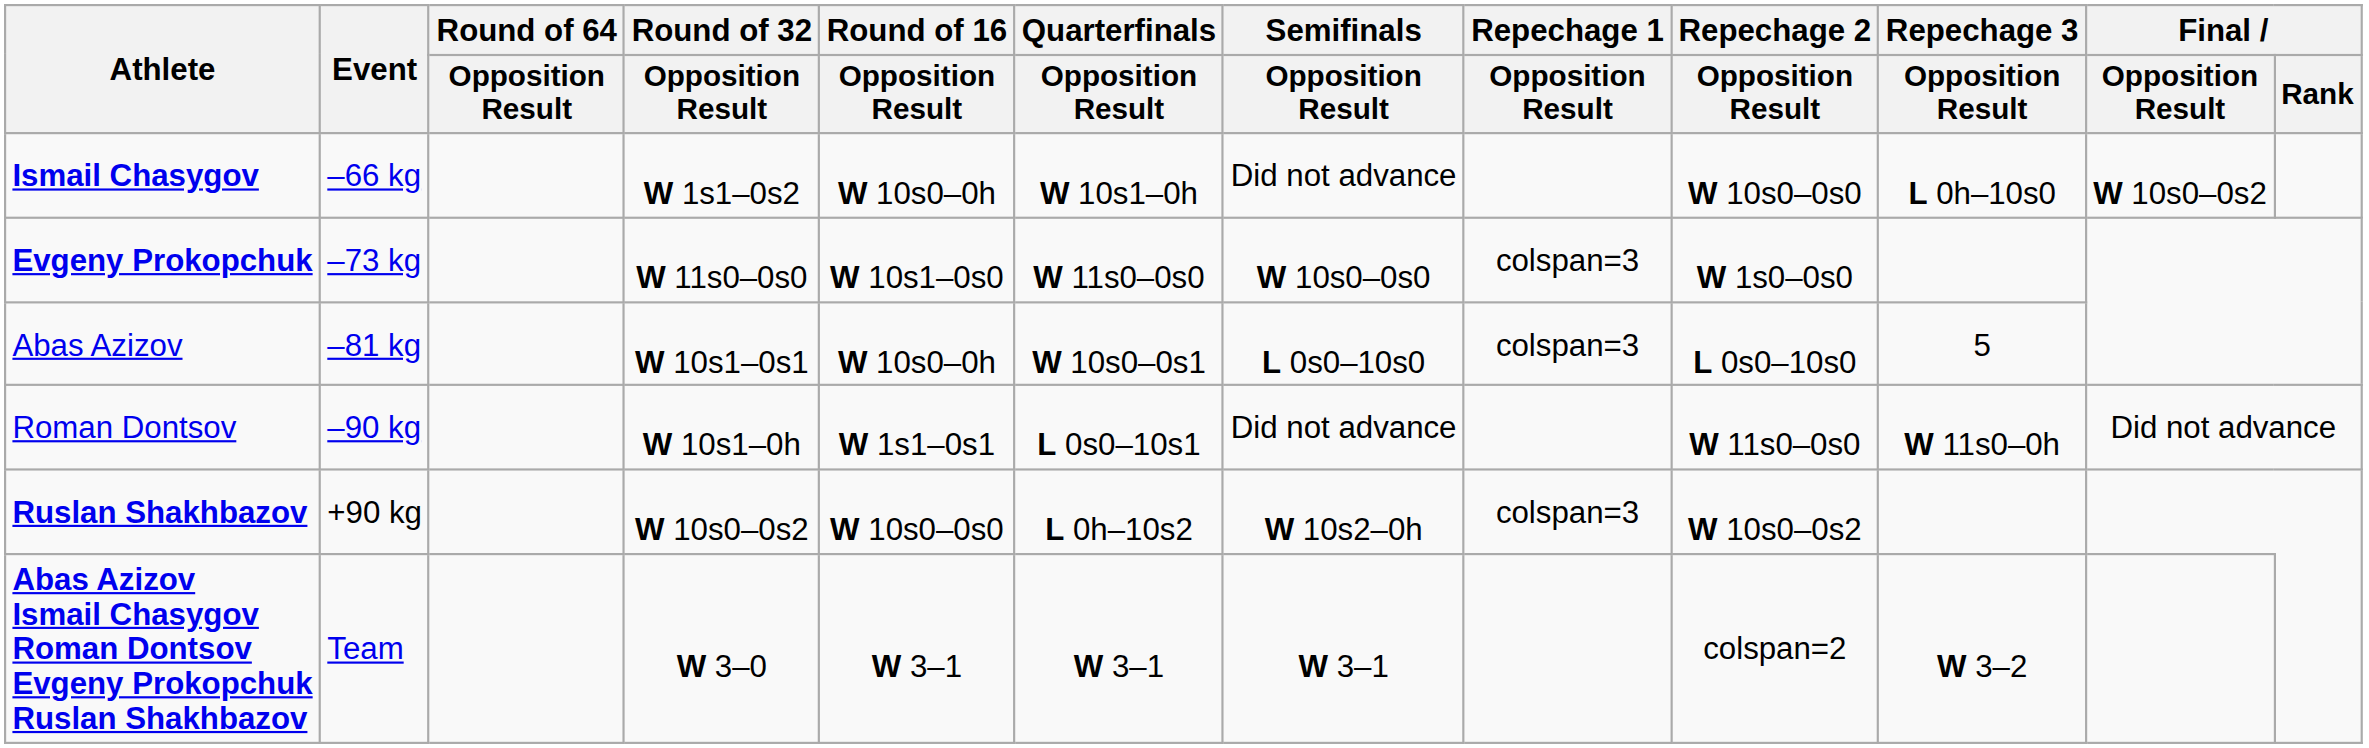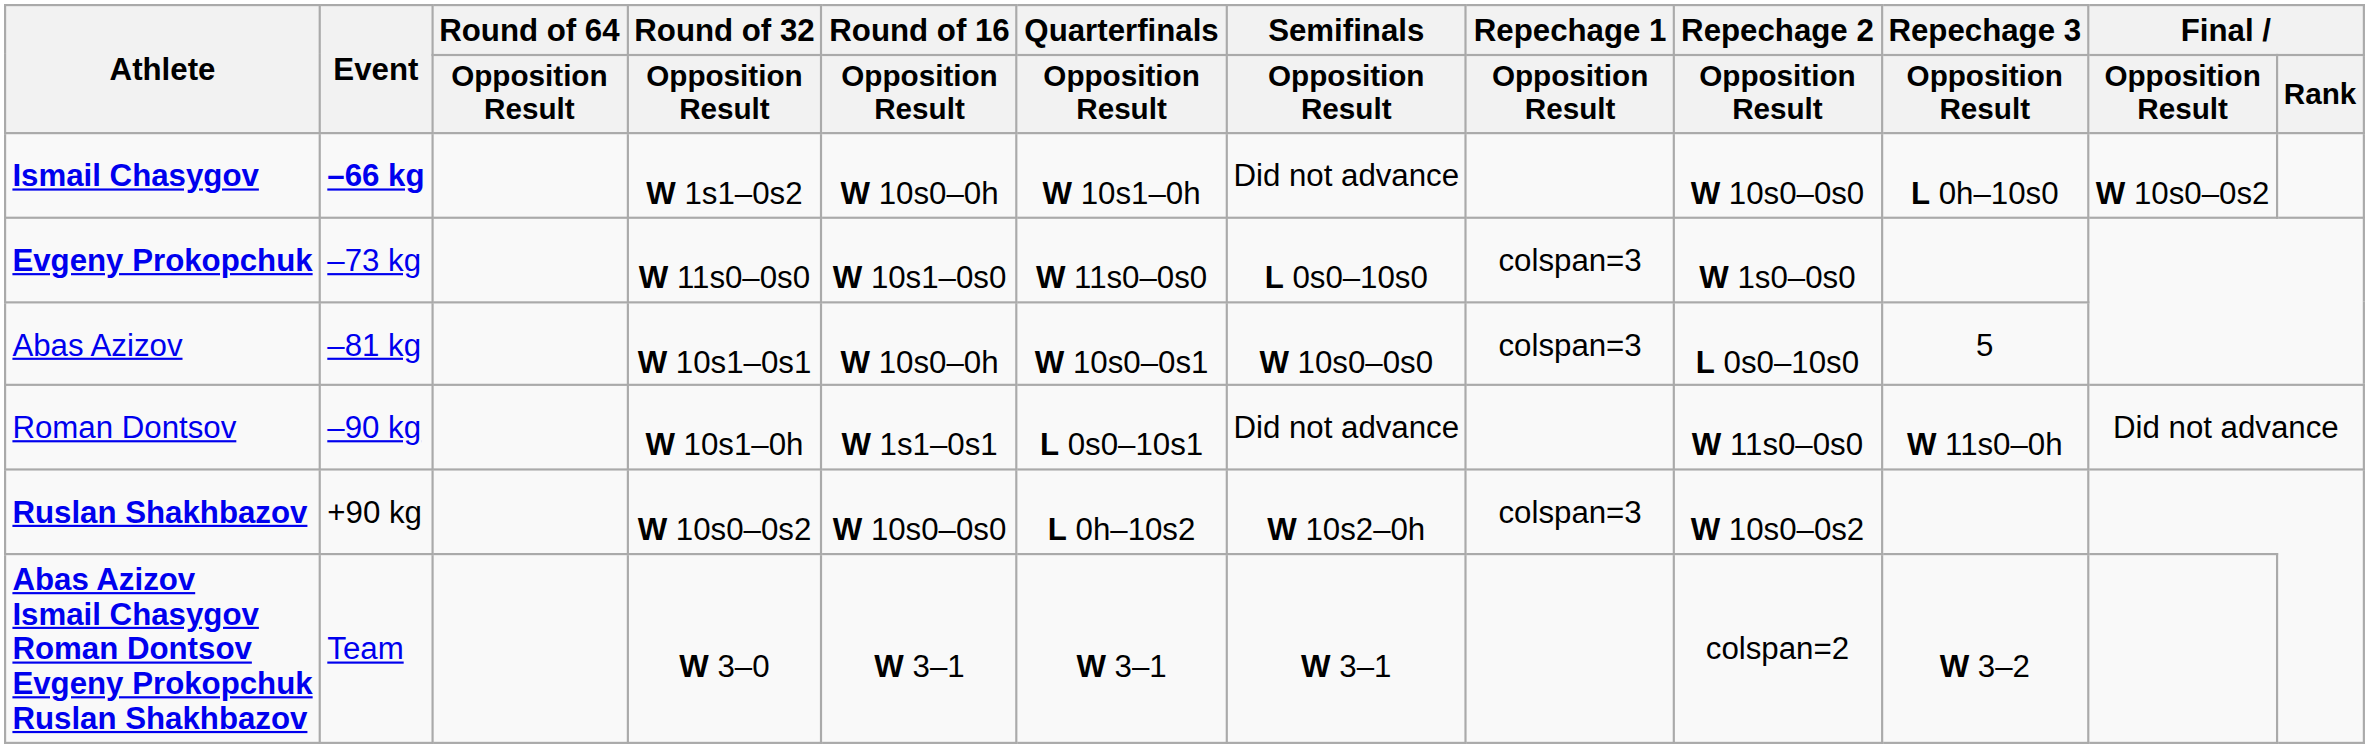 <table class="wikitable" style="text-align:center; font-size:90%">
 <tr>
 <th rowspan=2>Athlete</th>
 <th rowspan=2>Event</th>
 <th>Round of 64</th>
 <th>Round of 32</th>
 <th>Round of 16</th>
 <th>Quarterfinals</th>
 <th>Semifinals</th>
 <th>Repechage 1</th>
 <th>Repechage 2</th>
 <th>Repechage 3</th>
 <th colspan=2>Final / </th>
 </tr>
 <tr style="font-size:95%">
 <th>Opposition<br>Result</th>
 <th>Opposition<br>Result</th>
 <th>Opposition<br>Result</th>
 <th>Opposition<br>Result</th>
 <th>Opposition<br>Result</th>
 <th>Opposition<br>Result</th>
 <th>Opposition<br>Result</th>
 <th>Opposition<br>Result</th>
 <th>Opposition<br>Result</th>
 <th>Rank</th>
 </tr>
 <tr>
 <td align=left><strong><a href='#'>Ismail Chasygov</a></strong></td>
-<td align=left><a href='#'>–66 kg</a></td>
+<td align=left><strong><a href='#'>–66 kg</a></strong></td>
 <td></td>
 <td><br><strong>W</strong> 1s1–0s2</td>
 <td><br><strong>W</strong> 10s0–0h</td>
 <td><br><strong>W</strong> 10s1–0h</td>
 <td>Did not advance</td>
 <td></td>
 <td><br><strong>W</strong> 10s0–0s0</td>
 <td><br><strong>L</strong> 0h–10s0</td>
 <td><br><strong>W</strong> 10s0–0s2</td>
 <td></td>
 </tr>
 <tr>
 <td align=left><strong><a href='#'>Evgeny Prokopchuk</a></strong></td>
 <td align=left><a href='#'>–73 kg</a></td>
 <td></td>
 <td><br><strong>W</strong> 11s0–0s0</td>
 <td><br><strong>W</strong> 10s1–0s0</td>
 <td><br><strong>W</strong> 11s0–0s0</td>
-<td><br><strong>W</strong> 10s0–0s0</td>
+<td><br><strong>L</strong> 0s0–10s0</td>
 <td>colspan=3 </td>
 <td><br><strong>W</strong> 1s0–0s0</td>
 <td></td>
 </tr>
 <tr>
 <td align=left><a href='#'>Abas Azizov</a></td>
 <td align=left><a href='#'>–81 kg</a></td>
 <td></td>
 <td><br><strong>W</strong> 10s1–0s1</td>
 <td><br><strong>W</strong> 10s0–0h</td>
 <td><br><strong>W</strong> 10s0–0s1</td>
-<td><br><strong>L</strong> 0s0–10s0</td>
+<td><br><strong>W</strong> 10s0–0s0</td>
 <td>colspan=3 </td>
 <td><br><strong>L</strong> 0s0–10s0</td>
 <td>5</td>
 </tr>
 <tr>
 <td align=left><a href='#'>Roman Dontsov</a></td>
 <td align=left><a href='#'>–90 kg</a></td>
 <td></td>
 <td><br><strong>W</strong> 10s1–0h</td>
 <td><br><strong>W</strong> 1s1–0s1</td>
 <td><br><strong>L</strong> 0s0–10s1</td>
 <td>Did not advance</td>
 <td></td>
 <td><br><strong>W</strong> 11s0–0s0</td>
 <td><br><strong>W</strong> 11s0–0h</td>
 <td colspan=2>Did not advance</td>
 </tr>
 <tr>
 <td align=left><strong><a href='#'>Ruslan Shakhbazov</a></strong></td>
 <td align=left>+90 kg</td>
 <td></td>
 <td><br><strong>W</strong> 10s0–0s2</td>
 <td><br><strong>W</strong> 10s0–0s0</td>
 <td><br><strong>L</strong> 0h–10s2</td>
 <td><br><strong>W</strong> 10s2–0h</td>
 <td>colspan=3 </td>
 <td><br><strong>W</strong> 10s0–0s2</td>
 <td></td>
 </tr>
 <tr>
 <td align=left><strong><a href='#'>Abas Azizov</a><br><a href='#'>Ismail Chasygov</a><br><a href='#'>Roman Dontsov</a><br><a href='#'>Evgeny Prokopchuk</a><br><a href='#'>Ruslan Shakhbazov</a></strong></td>
 <td align=left><a href='#'>Team</a></td>
 <td></td>
 <td><br><strong>W</strong> 3–0</td>
 <td><br><strong>W</strong> 3–1</td>
 <td><br><strong>W</strong> 3–1</td>
 <td><br><strong>W</strong> 3–1</td>
 <td></td>
 <td>colspan=2 </td>
 <td><br><strong>W</strong> 3–2</td>
 <td></td>
 </tr>
 </table>
